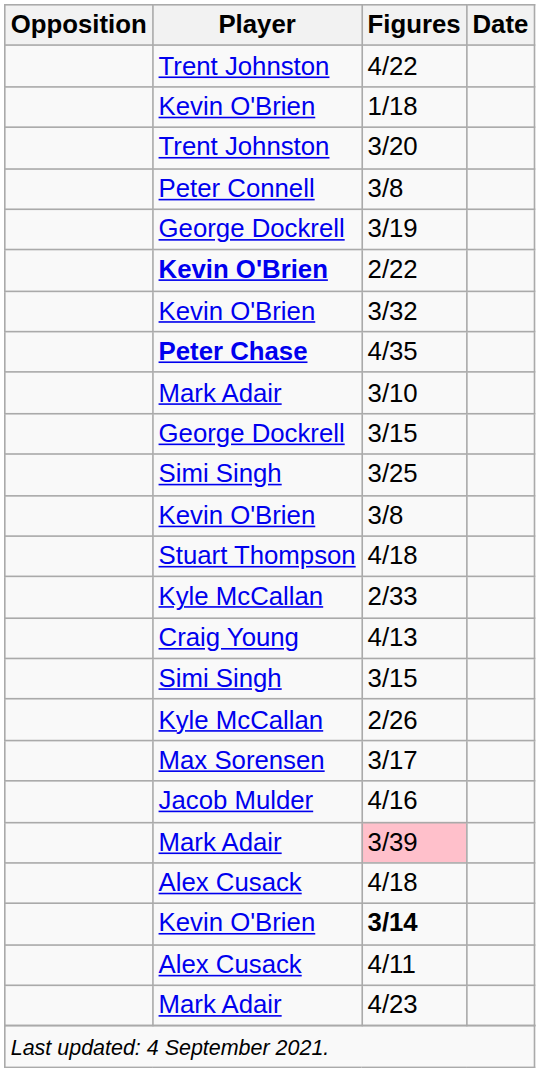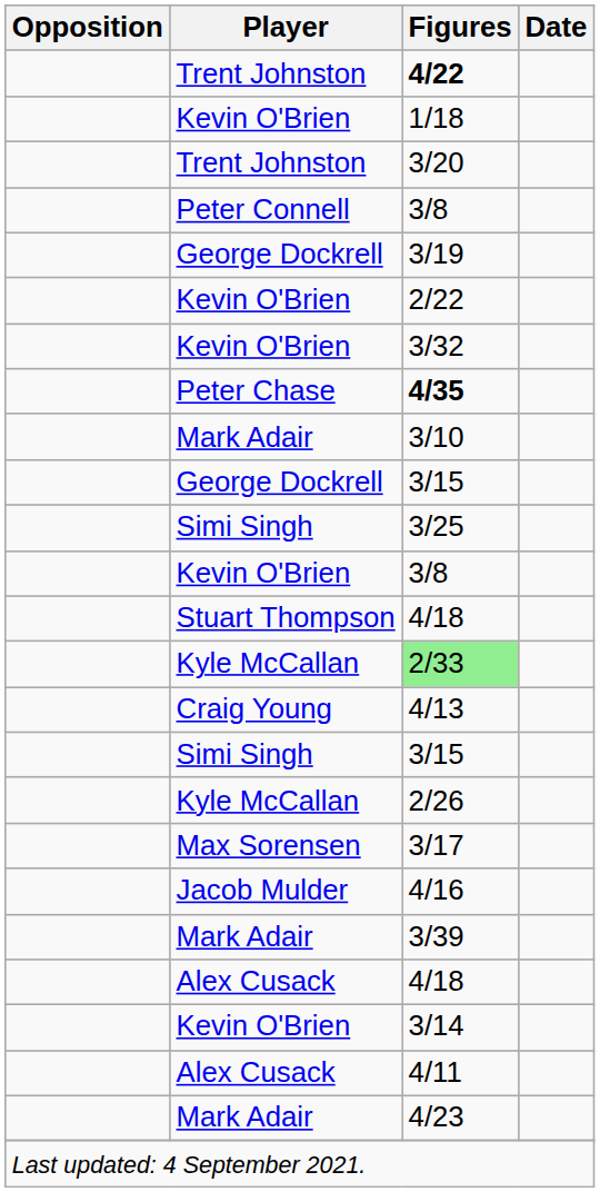 <table class="wikitable sortable">
 <tr>
 <th>Opposition</th>
 <th>Player</th>
 <th>Figures</th>
 <th>Date</th>
 </tr>
 <tr>
 <td></td>
 <td><a href='#'>Trent Johnston</a></td>
-<td>4/22</td>
+<td><strong>4/22</strong></td>
 <td></td>
 </tr>
 <tr>
 <td></td>
 <td><a href='#'>Kevin O'Brien</a></td>
 <td>1/18</td>
 <td> </td>
 </tr>
 <tr>
 <td></td>
 <td><a href='#'>Trent Johnston</a></td>
 <td>3/20</td>
 <td> </td>
 </tr>
 <tr>
 <td></td>
 <td><a href='#'>Peter Connell</a></td>
 <td>3/8</td>
 <td></td>
 </tr>
 <tr>
 <td></td>
 <td><a href='#'>George Dockrell</a></td>
 <td>3/19</td>
 <td></td>
 </tr>
 <tr>
 <td></td>
-<td><strong><a href='#'>Kevin O'Brien</a></strong></td>
+<td><a href='#'>Kevin O'Brien</a></td>
 <td>2/22</td>
 <td> </td>
 </tr>
 <tr>
 <td></td>
 <td><a href='#'>Kevin O'Brien</a></td>
 <td>3/32</td>
 <td></td>
 </tr>
 <tr>
 <td></td>
-<td><strong><a href='#'>Peter Chase</a></strong></td>
-<td>4/35</td>
+<td><a href='#'>Peter Chase</a></td>
+<td><strong>4/35</strong></td>
 <td></td>
 </tr>
 <tr>
 <td></td>
 <td><a href='#'>Mark Adair</a></td>
 <td>3/10</td>
 <td></td>
 </tr>
 <tr>
 <td></td>
 <td><a href='#'>George Dockrell</a></td>
 <td>3/15</td>
 <td></td>
 </tr>
 <tr>
 <td></td>
 <td><a href='#'>Simi Singh</a></td>
 <td>3/25</td>
 <td></td>
 </tr>
 <tr>
 <td></td>
 <td><a href='#'>Kevin O'Brien</a></td>
 <td>3/8</td>
 <td></td>
 </tr>
 <tr>
 <td></td>
 <td><a href='#'>Stuart Thompson</a></td>
 <td>4/18</td>
 <td></td>
 </tr>
 <tr>
 <td></td>
 <td><a href='#'>Kyle McCallan</a></td>
-<td>2/33</td>
+<td style="background: lightgreen;">2/33</td>
 <td> </td>
 </tr>
 <tr>
 <td></td>
 <td><a href='#'>Craig Young</a></td>
 <td>4/13</td>
 <td></td>
 </tr>
 <tr>
 <td></td>
 <td><a href='#'>Simi Singh</a></td>
 <td>3/15</td>
 <td></td>
 </tr>
 <tr>
 <td></td>
 <td><a href='#'>Kyle McCallan</a></td>
 <td>2/26</td>
 <td> </td>
 </tr>
 <tr>
 <td></td>
 <td><a href='#'>Max Sorensen</a></td>
 <td>3/17</td>
 <td></td>
 </tr>
 <tr>
 <td></td>
 <td><a href='#'>Jacob Mulder</a></td>
 <td>4/16</td>
 <td></td>
 </tr>
 <tr>
 <td></td>
 <td><a href='#'>Mark Adair</a></td>
-<td style="background: pink;">3/39</td>
+<td>3/39</td>
 <td></td>
 </tr>
 <tr>
 <td></td>
 <td><a href='#'>Alex Cusack</a></td>
 <td>4/18</td>
 <td> </td>
 </tr>
 <tr>
 <td></td>
 <td><a href='#'>Kevin O'Brien</a></td>
-<td><strong>3/14</strong></td>
+<td>3/14</td>
 <td></td>
 </tr>
 <tr>
 <td></td>
 <td><a href='#'>Alex Cusack</a></td>
 <td>4/11</td>
 <td></td>
 </tr>
 <tr>
 <td></td>
 <td><a href='#'>Mark Adair</a></td>
 <td>4/23</td>
 <td></td>
 </tr>
 <tr>
 </tr>
 <tr class=sortbottom>
 <td colspan=5><small><em>Last updated: 4 September 2021.</em></small></td>
 </tr>
 </table>
